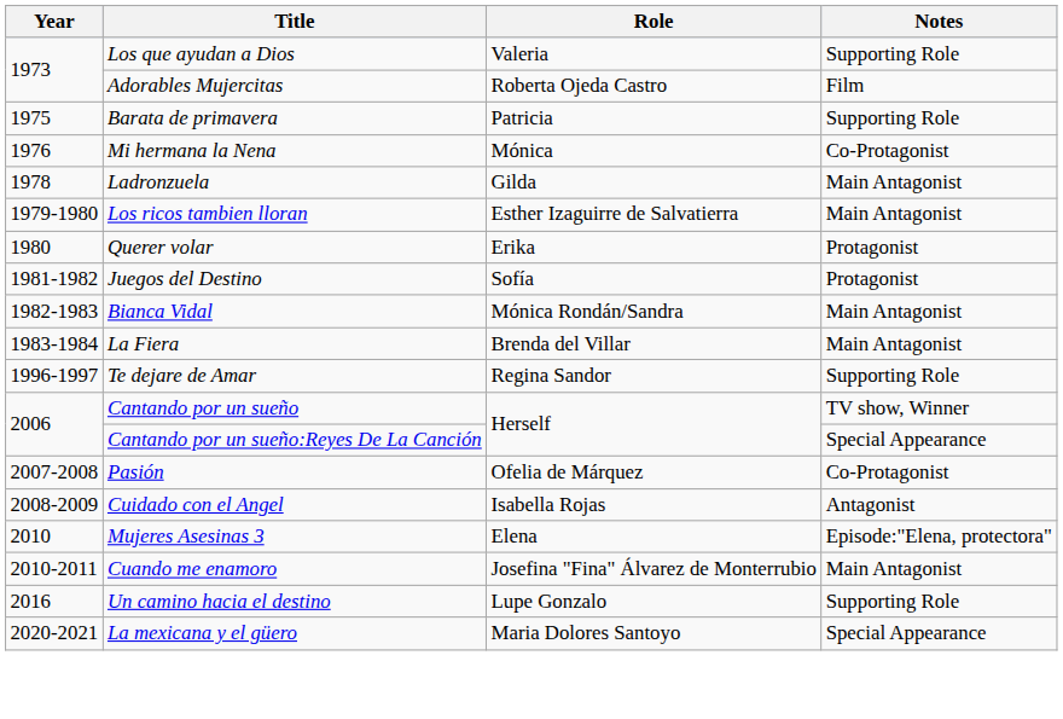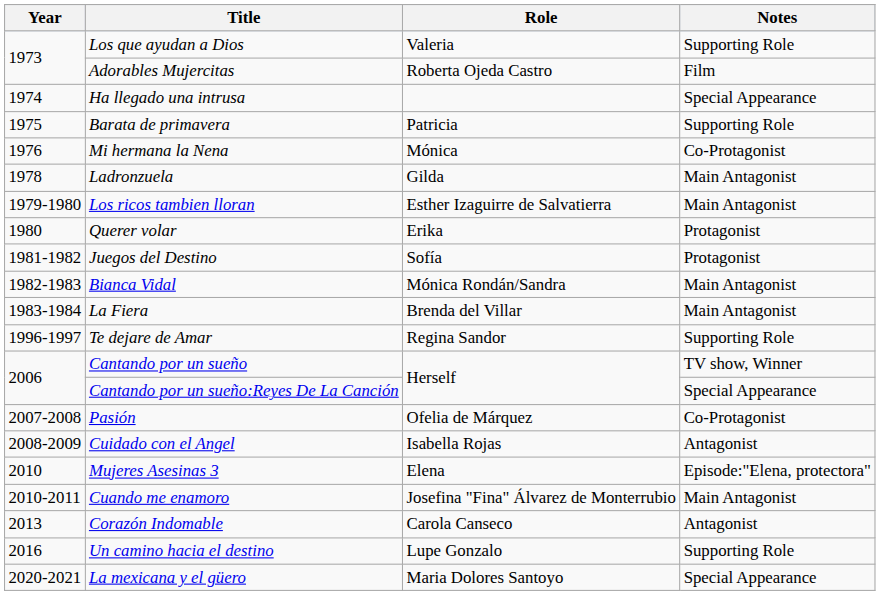 <table class="wikitable">
 <tr style="background:#b0c4de;">
 <th>Year</th>
 <th>Title</th>
 <th>Role</th>
 <th>Notes</th>
 </tr>
 <tr>
 <td rowspan=2>1973</td>
 <td><em>Los que ayudan a Dios</em></td>
 <td>Valeria</td>
 <td>Supporting Role</td>
 </tr>
 <tr>
 <td><em>Adorables Mujercitas</em></td>
 <td>Roberta Ojeda Castro</td>
 <td>Film</td>
+</tr>
+<tr>
+<td>1974</td>
+<td><em>Ha llegado una intrusa</em></td>
+<td></td>
+<td>Special Appearance</td>
 </tr>
 <tr>
 <td>1975</td>
 <td><em>Barata de primavera</em></td>
 <td>Patricia</td>
 <td>Supporting Role</td>
 </tr>
 <tr>
 <td>1976</td>
 <td><em>Mi hermana la Nena</em></td>
 <td>Mónica</td>
 <td>Co-Protagonist</td>
 </tr>
 <tr>
 <td>1978</td>
 <td><em>Ladronzuela</em></td>
 <td>Gilda</td>
 <td>Main Antagonist</td>
 </tr>
 <tr>
 <td>1979-1980</td>
 <td><em><a href='#'>Los ricos tambien lloran</a></em></td>
 <td>Esther Izaguirre de Salvatierra</td>
 <td>Main Antagonist</td>
 </tr>
 <tr>
 <td>1980</td>
 <td><em>Querer volar</em></td>
 <td>Erika</td>
 <td>Protagonist</td>
 </tr>
 <tr>
 <td>1981-1982</td>
 <td><em>Juegos del Destino</em></td>
 <td>Sofía</td>
 <td>Protagonist</td>
 </tr>
 <tr>
 <td>1982-1983</td>
 <td><em><a href='#'>Bianca Vidal</a></em></td>
 <td>Mónica Rondán/Sandra</td>
 <td>Main  Antagonist</td>
 </tr>
 <tr>
 <td>1983-1984</td>
 <td><em>La Fiera</em></td>
 <td>Brenda del Villar</td>
 <td>Main  Antagonist</td>
 </tr>
 <tr>
 <td>1996-1997</td>
 <td><em>Te dejare de Amar</em></td>
 <td>Regina Sandor</td>
 <td>Supporting Role</td>
 </tr>
 <tr>
 <td rowspan=2>2006</td>
 <td><em><a href='#'>Cantando por un sueño</a></em></td>
 <td rowspan=2>Herself</td>
 <td>TV show, Winner</td>
 </tr>
 <tr>
 <td><em><a href='#'>Cantando por un sueño:Reyes De La Canción</a></em></td>
 <td>Special Appearance</td>
 </tr>
 <tr>
 <td>2007-2008</td>
 <td><em><a href='#'>Pasión</a></em></td>
 <td>Ofelia de Márquez</td>
 <td>Co-Protagonist</td>
 </tr>
 <tr>
 <td>2008-2009</td>
 <td><em><a href='#'>Cuidado con el Angel</a></em></td>
 <td>Isabella Rojas</td>
 <td>Antagonist</td>
 </tr>
 <tr>
 <td>2010</td>
 <td><em><a href='#'>Mujeres Asesinas 3</a></em></td>
 <td>Elena</td>
 <td>Episode:"Elena, protectora"</td>
 </tr>
 <tr>
 <td>2010-2011</td>
 <td><em><a href='#'>Cuando me enamoro</a></em></td>
 <td>Josefina "Fina" Álvarez de Monterrubio</td>
 <td>Main  Antagonist</td>
 </tr>
 <tr>
+<td>2013</td>
+<td><em><a href='#'>Corazón Indomable</a></em></td>
+<td>Carola Canseco</td>
+<td>Antagonist</td>
+</tr>
+<tr>
 <td>2016</td>
 <td><em><a href='#'>Un camino hacia el destino</a></em></td>
 <td>Lupe Gonzalo</td>
 <td>Supporting Role</td>
 </tr>
 <tr>
 <td>2020-2021</td>
 <td><em><a href='#'>La mexicana y el güero</a></em></td>
 <td>Maria Dolores Santoyo</td>
 <td>Special Appearance</td>
 </tr>
 </table>
